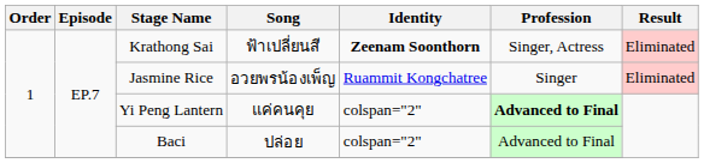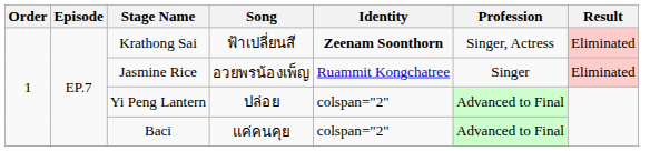 <table class="wikitable">
 <tr>
 <th>Order</th>
 <th>Episode</th>
 <th>Stage Name</th>
 <th>Song</th>
 <th>Identity</th>
 <th>Profession</th>
 <th>Result</th>
 </tr>
 <tr>
 <td rowspan="4" align="center">1</td>
 <td rowspan="4" align="center">EP.7</td>
 <td style="text-align:center;">Krathong Sai</td>
 <td style="text-align:center;">ฟ้าเปลี่ยนสี</td>
 <td style="text-align:center;"><strong>Zeenam Soonthorn</strong></td>
 <td style="text-align:center;">Singer, Actress</td>
 <td style="text-align:center; background:#ffcccc;">Eliminated</td>
 </tr>
 <tr>
 <td style="text-align:center;">Jasmine Rice</td>
 <td style="text-align:center;">อวยพรน้องเพ็ญ</td>
 <td style="text-align:center;"><a href='#'>Ruammit Kongchatree</a></td>
 <td style="text-align:center;">Singer</td>
 <td style="text-align:center; background:#ffcccc;">Eliminated</td>
 </tr>
 <tr>
 <td style="text-align:center;">Yi Peng Lantern</td>
-<td style="text-align:center;">แค่คนคุย</td>
+<td style="text-align:center;">ปล่อย</td>
 <td>colspan="2" </td>
-<td style="text-align:center; background:#ccffcc;"><strong>Advanced to Final</strong></td>
+<td style="text-align:center; background:#ccffcc;">Advanced to Final</td>
 </tr>
 <tr>
 <td style="text-align:center;">Baci</td>
-<td style="text-align:center;">ปล่อย</td>
+<td style="text-align:center;">แค่คนคุย</td>
 <td>colspan="2" </td>
 <td style="text-align:center; background:#ccffcc;">Advanced to Final</td>
 </tr>
 <tr>
 </tr>
 </table>
